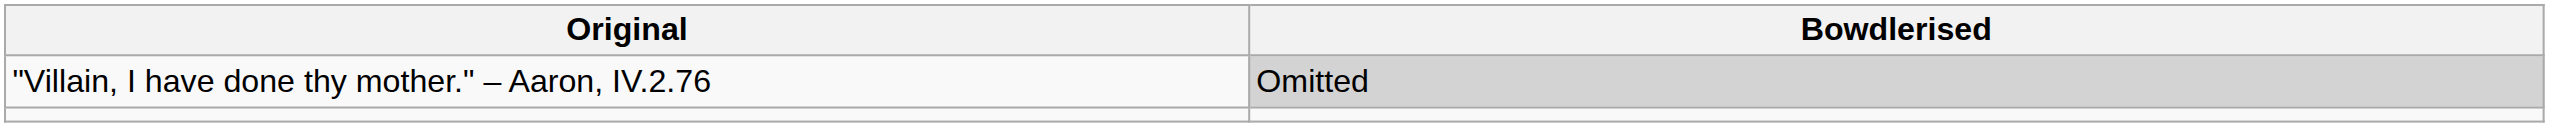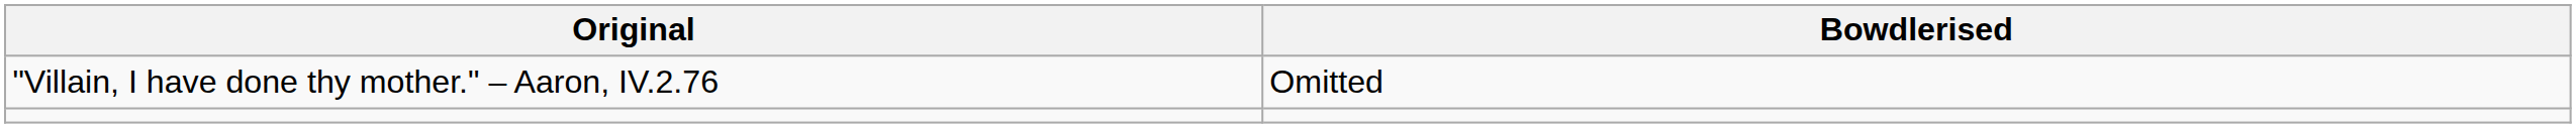 <table class="wikitable" style="width:100%">
 <tr>
 <th>Original</th>
 <th>Bowdlerised</th>
 </tr>
 <tr>
 <td style="width:49%;">"Villain, I have done thy mother." – Aaron, IV.2.76</td>
-<td style="background: lightgrey;">Omitted</td>
+<td>Omitted</td>
 </tr>
 <tr>
 <td></td>
 <td></td>
 </tr>
 </table>
